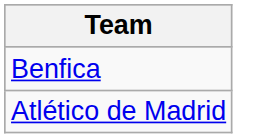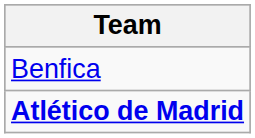 <table class= "wikitable">
 <tr>
 <th>Team</th>
 </tr>
 <tr>
 <td> <a href='#'>Benfica</a></td>
 </tr>
 <tr>
-<td> <a href='#'>Atlético de Madrid</a></td>
+<td><strong> <a href='#'>Atlético de Madrid</a></strong></td>
 </tr>
 </table>
